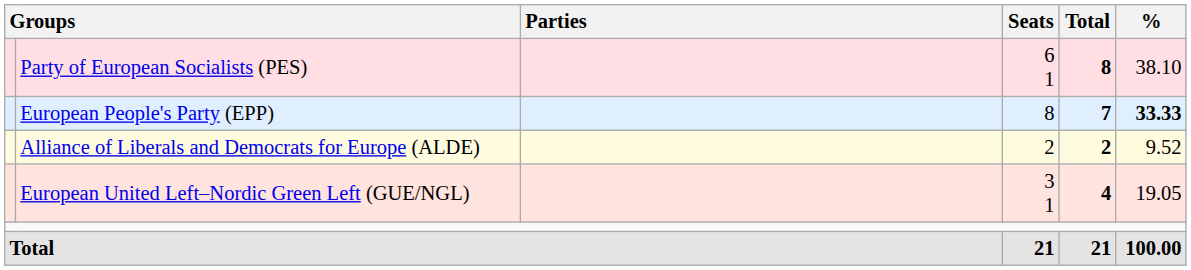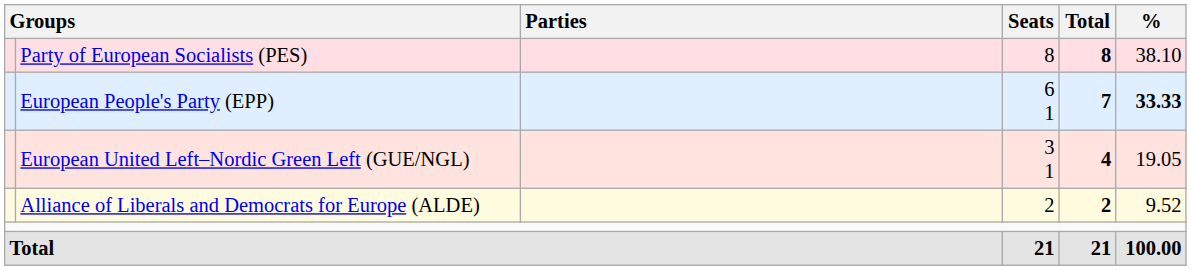 <table class="wikitable" style="text-align:right; font-size:95%; margin-bottom:0">
 <tr>
 <th style="text-align:left;" colspan="2" width="375">Groups</th>
 <th style="text-align:left;" width="350">Parties</th>
 <th width="35">Seats</th>
 <th width="35">Total</th>
 <th width="45">%</th>
 </tr>
 <tr style="background:#FFDFE3;">
 <td style="color:inherit;background:"></td>
 <td align="left"><a href='#'>Party of European Socialists</a> (PES)</td>
 <td align="left"></td>
-<td>6<br>1</td>
+<td>8</td>
 <td><strong>8</strong></td>
 <td>38.10</td>
 </tr>
 <tr style="background:#DFEFFF;">
 <td width="1" style="color:inherit;background:"></td>
 <td align="left"><a href='#'>European People's Party</a> (EPP)</td>
 <td align="left"></td>
-<td>8</td>
+<td>6<br>1</td>
 <td><strong>7</strong></td>
 <td><strong>33.33</strong></td>
+</tr>
+<tr style="background:#FFE3DF;">
+<td style="color:inherit;background:"></td>
+<td align="left"><a href='#'>European United Left–Nordic Green Left</a> (GUE/NGL)</td>
+<td align="left"></td>
+<td>3<br>1</td>
+<td><strong>4</strong></td>
+<td>19.05</td>
 </tr>
 <tr style="background:#FFFBDF;">
 <td style="color:inherit;background:"></td>
 <td align="left"><a href='#'>Alliance of Liberals and Democrats for Europe</a> (ALDE)</td>
 <td align="left"></td>
 <td>2</td>
 <td><strong>2</strong></td>
 <td>9.52</td>
-</tr>
-<tr style="background:#FFE3DF;">
-<td style="color:inherit;background:"></td>
-<td align="left"><a href='#'>European United Left–Nordic Green Left</a> (GUE/NGL)</td>
-<td align="left"></td>
-<td>3<br>1</td>
-<td><strong>4</strong></td>
-<td>19.05</td>
 </tr>
 <tr>
 <td colspan="6"></td>
 </tr>
 <tr style="background:#E4E4E4; font-weight:bold;">
 <td align="left" colspan="3">Total</td>
 <td>21</td>
 <td>21</td>
 <td>100.00</td>
 </tr>
 </table>
